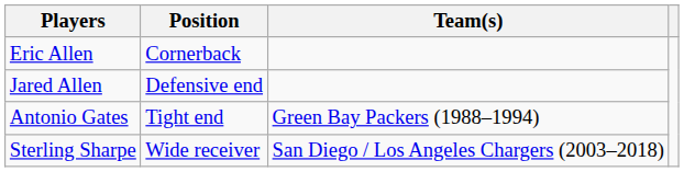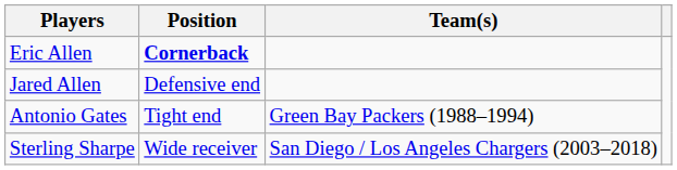 <table class="wikitable sortable">
 <tr>
 <th scope="col">Players</th>
 <th scope="col">Position</th>
 <th scope="col">Team(s)</th>
 <th scope="col"></th>
 </tr>
 <tr>
 <td><a href='#'>Eric Allen</a></td>
-<td><a href='#'>Cornerback</a></td>
+<td><strong><a href='#'>Cornerback</a></strong></td>
 <td></td>
 <td rowspan="4"></td>
 </tr>
 <tr>
 <td><a href='#'>Jared Allen</a></td>
 <td><a href='#'>Defensive end</a></td>
 <td></td>
 </tr>
 <tr>
 <td><a href='#'>Antonio Gates</a></td>
 <td><a href='#'>Tight end</a></td>
 <td><a href='#'>Green Bay Packers</a> (1988–1994)</td>
 </tr>
 <tr>
 <td><a href='#'>Sterling Sharpe</a></td>
 <td><a href='#'>Wide receiver</a></td>
 <td><a href='#'>San Diego / Los Angeles Chargers</a> (2003–2018)</td>
 </tr>
 </table>
